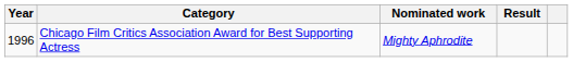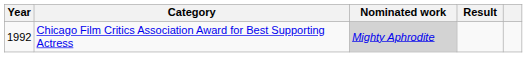 <table class="wikitable">
 <tr>
 <th>Year</th>
 <th width="450">Category</th>
 <th width="148">Nominated work</th>
 <th width="60">Result</th>
 <th width="20" class="unsortable"></th>
 </tr>
 <tr>
-<td>1996</td>
+<td>1992</td>
 <td><a href='#'>Chicago Film Critics Association Award for Best Supporting Actress</a></td>
-<td><em><a href='#'>Mighty Aphrodite</a></em></td>
+<td style="background: lightgrey;"><em><a href='#'>Mighty Aphrodite</a></em></td>
 <td></td>
 <td></td>
 </tr>
 </table>
